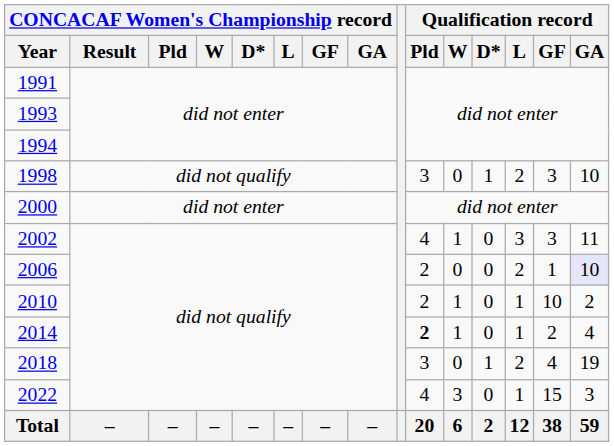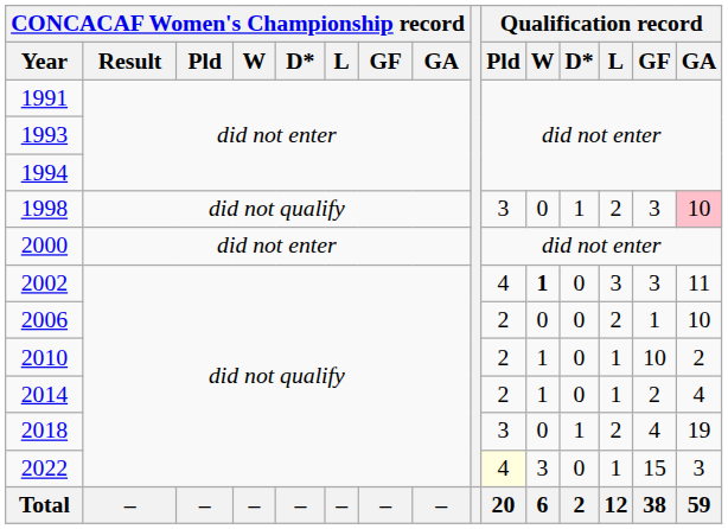 <table class="wikitable" style="text-align: center;">
 <tr>
 <th colspan=8><a href='#'>CONCACAF Women's Championship</a> record</th>
 <th rowspan=13></th>
 <th colspan=6>Qualification record</th>
 </tr>
 <tr>
 <th>Year</th>
 <th>Result</th>
 <th>Pld</th>
 <th>W</th>
 <th>D*</th>
 <th>L</th>
 <th>GF</th>
 <th>GA</th>
 <th>Pld</th>
 <th>W</th>
 <th>D*</th>
 <th>L</th>
 <th>GF</th>
 <th>GA</th>
 </tr>
 <tr>
 <td> <a href='#'>1991</a></td>
 <td colspan=7 rowspan=3><em>did not enter</em></td>
 <td colspan=6 rowspan=3><em>did not enter</em></td>
 </tr>
 <tr>
 <td> <a href='#'>1993</a></td>
 </tr>
 <tr>
 <td> <a href='#'>1994</a></td>
 </tr>
 <tr>
 <td> <a href='#'>1998</a></td>
 <td colspan=7><em>did not qualify</em></td>
 <td>3</td>
 <td>0</td>
 <td>1</td>
 <td>2</td>
 <td>3</td>
-<td>10</td>
+<td style="background: pink;">10</td>
 </tr>
 <tr>
 <td> <a href='#'>2000</a></td>
 <td colspan=7><em>did not enter</em></td>
 <td colspan=6><em>did not enter</em></td>
 </tr>
 <tr>
 <td> <a href='#'>2002</a></td>
 <td colspan=7 rowspan=6><em>did not qualify</em></td>
 <td>4</td>
-<td>1</td>
+<td><strong>1</strong></td>
 <td>0</td>
 <td>3</td>
 <td>3</td>
 <td>11</td>
 </tr>
 <tr>
 <td> <a href='#'>2006</a></td>
 <td>2</td>
 <td>0</td>
 <td>0</td>
 <td>2</td>
 <td>1</td>
-<td style="background: lavender;">10</td>
+<td>10</td>
 </tr>
 <tr>
 <td> <a href='#'>2010</a></td>
 <td>2</td>
 <td>1</td>
 <td>0</td>
 <td>1</td>
 <td>10</td>
 <td>2</td>
 </tr>
 <tr>
 <td> <a href='#'>2014</a></td>
-<td><strong>2</strong></td>
+<td>2</td>
 <td>1</td>
 <td>0</td>
 <td>1</td>
 <td>2</td>
 <td>4</td>
 </tr>
 <tr>
 <td> <a href='#'>2018</a></td>
 <td>3</td>
 <td>0</td>
 <td>1</td>
 <td>2</td>
 <td>4</td>
 <td>19</td>
 </tr>
 <tr>
 <td> <a href='#'>2022</a></td>
-<td>4</td>
+<td style="background: lightyellow;">4</td>
 <td>3</td>
 <td>0</td>
 <td>1</td>
 <td>15</td>
 <td>3</td>
 </tr>
 <tr>
 <th>Total</th>
 <th>–</th>
 <th>–</th>
 <th>–</th>
 <th>–</th>
 <th>–</th>
 <th>–</th>
 <th>–</th>
 <th></th>
 <th>20</th>
 <th>6</th>
 <th>2</th>
 <th>12</th>
 <th>38</th>
 <th>59</th>
 </tr>
 </table>
